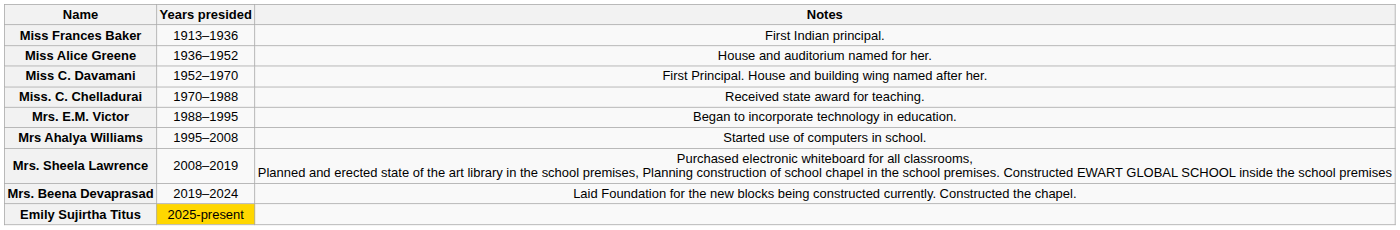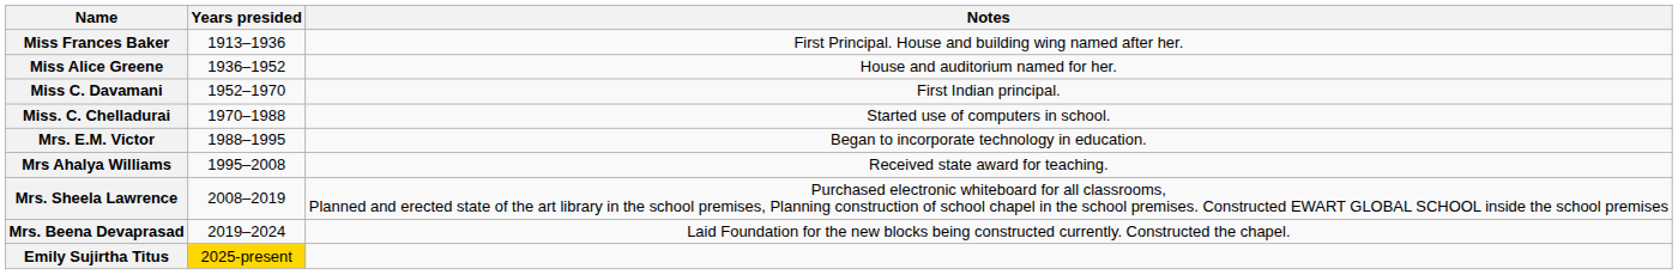 <table class="wikitable" style="text-align:center">
 <tr>
 <th>Name</th>
 <th>Years presided</th>
 <th>Notes</th>
 </tr>
 <tr>
 <th>Miss Frances Baker</th>
 <td>1913–1936</td>
-<td>First Indian principal.</td>
+<td>First Principal. House and building wing named after her.</td>
 </tr>
 <tr>
 <th>Miss Alice Greene</th>
 <td>1936–1952</td>
 <td>House and auditorium named for her.</td>
 </tr>
 <tr>
 <th>Miss C. Davamani</th>
 <td>1952–1970</td>
-<td>First Principal. House and building wing named after her.</td>
+<td>First Indian principal.</td>
 </tr>
 <tr>
 <th>Miss. C. Chelladurai</th>
 <td>1970–1988</td>
-<td>Received state award for teaching.</td>
+<td>Started use of computers in school.</td>
 </tr>
 <tr>
 <th>Mrs. E.M. Victor</th>
 <td>1988–1995</td>
 <td>Began to incorporate technology in education.</td>
 </tr>
 <tr>
 <th>Mrs Ahalya Williams</th>
 <td>1995–2008</td>
-<td>Started use of computers in school.</td>
+<td>Received state award for teaching.</td>
 </tr>
 <tr>
 <th>Mrs. Sheela Lawrence</th>
 <td>2008–2019</td>
 <td>Purchased electronic whiteboard for all classrooms,<br>Planned and erected state of the art library in the school premises, Planning construction of school chapel in the school premises.  Constructed EWART GLOBAL SCHOOL inside the school premises</td>
 </tr>
 <tr>
 <th>Mrs. Beena Devaprasad</th>
 <td>2019–2024</td>
 <td>Laid Foundation for the new blocks being constructed currently. Constructed the chapel.</td>
 </tr>
 <tr>
 <th>Emily Sujirtha Titus</th>
 <td style="background: gold;">2025-present</td>
 </tr>
 </table>
